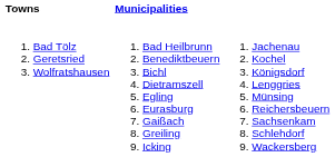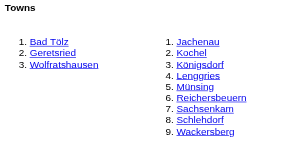 <table>
 <tr>
 <th width=33% align=left>Towns</th>
-<th width=33% align=left><a href='#'>Municipalities</a></th>
 <th width=33% align=left></th>
 </tr>
 <tr valign=top>
 <td><br><ol><li><a href='#'>Bad Tölz</a></li><li><a href='#'>Geretsried</a></li><li><a href='#'>Wolfratshausen</a></li></ol></td>
-<td><br><ol><li><a href='#'>Bad Heilbrunn</a></li><li><a href='#'>Benediktbeuern</a></li><li><a href='#'>Bichl</a></li><li><a href='#'>Dietramszell</a></li><li><a href='#'>Egling</a></li><li><a href='#'>Eurasburg</a></li><li><a href='#'>Gaißach</a></li><li><a href='#'>Greiling</a></li><li><a href='#'>Icking</a></li></ol></td>
 <td><br><ol> <li> <a href='#'>Jachenau</a> <li> <a href='#'>Kochel</a> <li> <a href='#'>Königsdorf</a> <li> <a href='#'>Lenggries</a> <li> <a href='#'>Münsing</a> <li> <a href='#'>Reichersbeuern</a> <li> <a href='#'>Sachsenkam</a> <li> <a href='#'>Schlehdorf</a> <li> <a href='#'>Wackersberg</a> </ol></td>
 </tr>
 </table>
